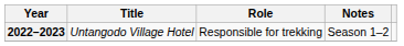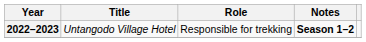 <table class="wikitable  plainrowheaders">
 <tr>
 <th scope="col">Year</th>
 <th scope="col">Title</th>
 <th scope="col">Role</th>
 <th>Notes</th>
 <th scope="col" class="unsortable"></th>
 </tr>
 <tr>
 <th scope="row">2022–2023</th>
 <td><em>Untangodo Village Hotel</em></td>
 <td>Responsible for trekking</td>
-<td>Season 1–2</td>
+<td><strong>Season 1–2</strong></td>
 <td></td>
 </tr>
 <tr>
 </tr>
 </table>
